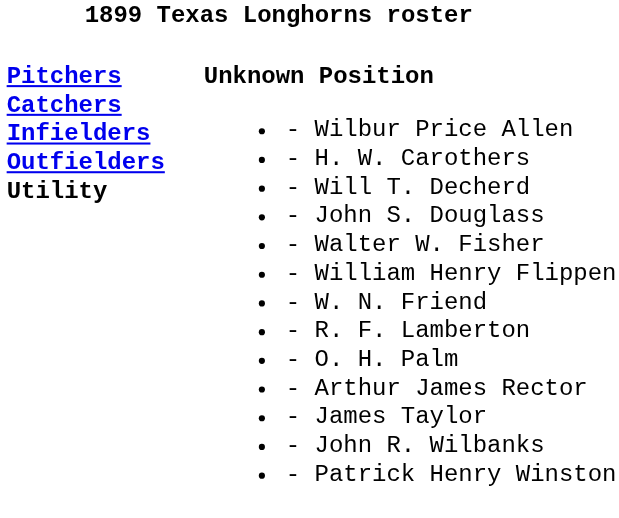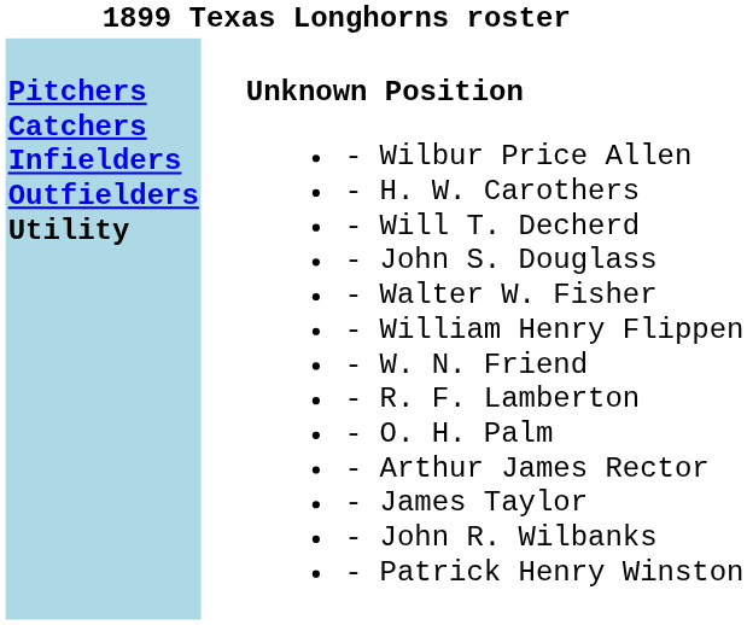 <table class="toccolours" style="border-collapse:collapse; font-size:90%;">
 <tr>
 <th colspan=9>1899 Texas Longhorns roster</th>
 </tr>
 <tr>
 <td width="30"> </td>
-<td valign="top"><br><strong><a href='#'>Pitchers</a></strong><br><strong><a href='#'>Catchers</a></strong><br><strong><a href='#'>Infielders</a></strong><br><strong><a href='#'>Outfielders</a></strong><br><strong>Utility</strong></td>
+<td valign="top" style="background: lightblue;"><br><strong><a href='#'>Pitchers</a></strong><br><strong><a href='#'>Catchers</a></strong><br><strong><a href='#'>Infielders</a></strong><br><strong><a href='#'>Outfielders</a></strong><br><strong>Utility</strong></td>
 <td width="15"> </td>
 <td valign="top"><br><strong>Unknown Position</strong><ul><li>- Wilbur Price Allen</li><li>- H. W. Carothers</li><li>- Will T. Decherd</li><li>- John S. Douglass</li><li>- Walter W. Fisher</li><li>- William Henry Flippen</li><li>- W. N. Friend</li><li>- R. F. Lamberton</li><li>- O. H. Palm</li><li>- Arthur James Rector</li><li>- James Taylor</li><li>- John R. Wilbanks</li><li>- Patrick Henry Winston</li></ul></td>
 </tr>
 </table>
